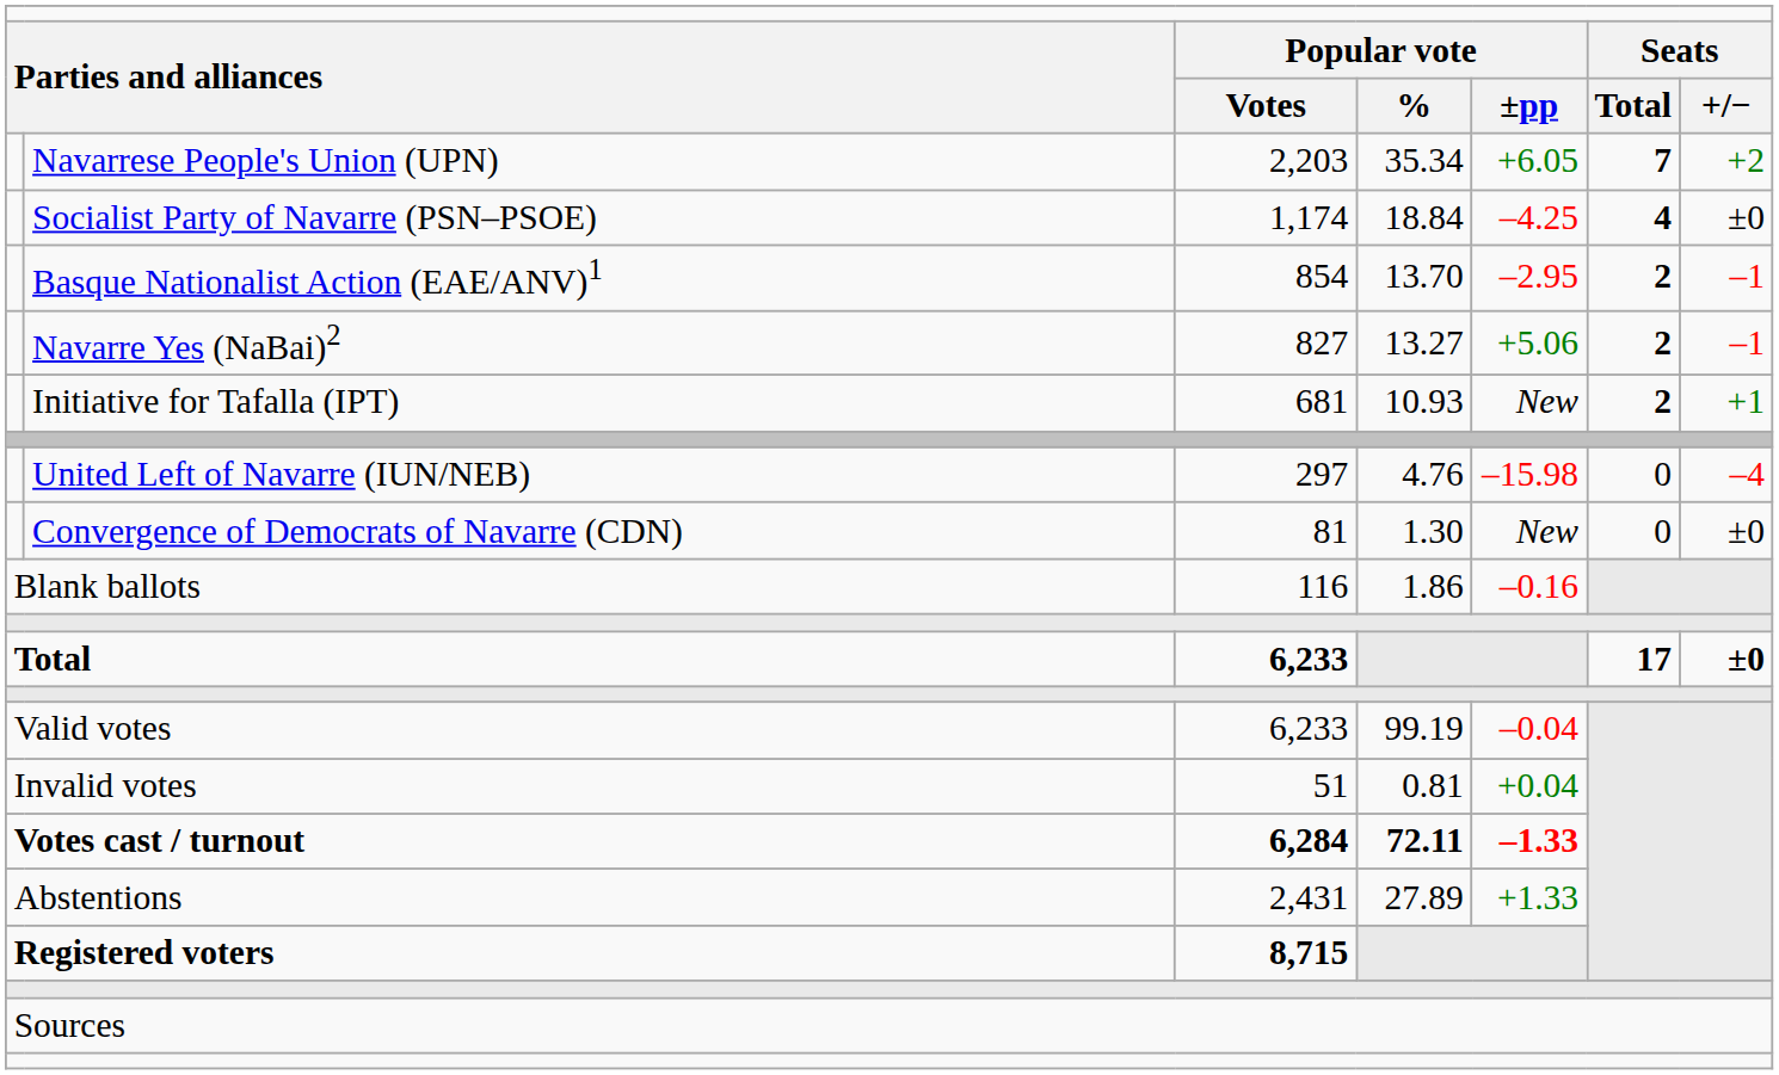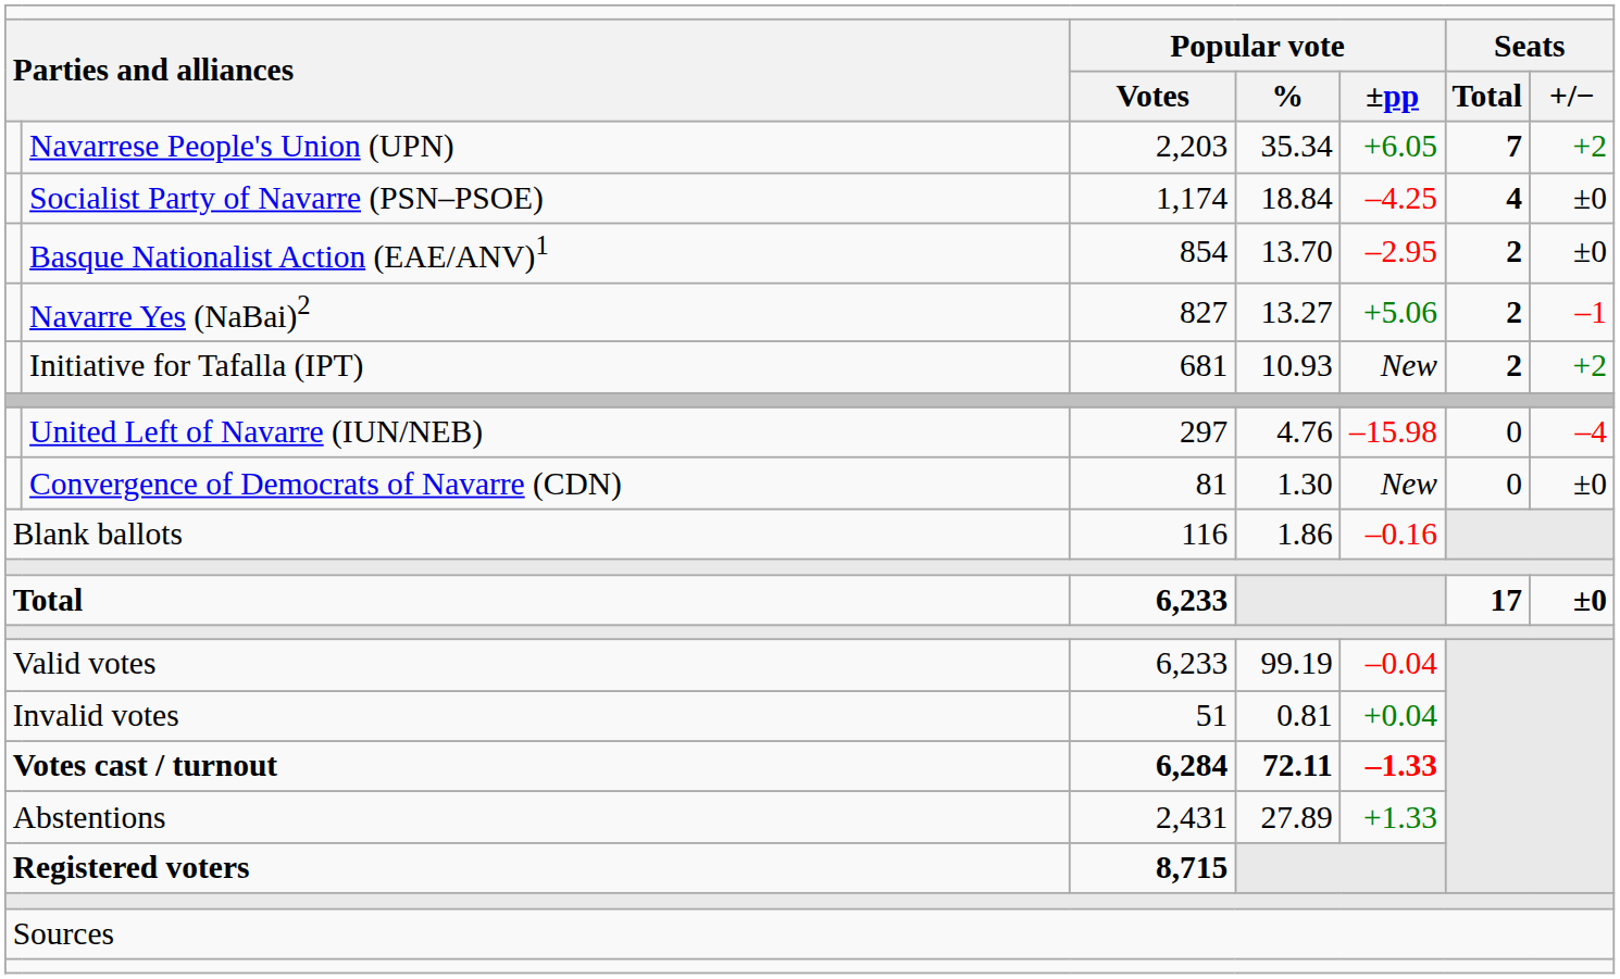 <table class="wikitable" style="text-align:right;">
 <tr>
 <td colspan="7"></td>
 </tr>
 <tr>
 <th style="text-align:left;" rowspan="2" colspan="2" width="525">Parties and alliances</th>
 <th colspan="3">Popular vote</th>
 <th colspan="2">Seats</th>
 </tr>
 <tr>
 <th width="75">Votes</th>
 <th width="45">%</th>
 <th width="45">±<a href='#'>pp</a></th>
 <th width="35">Total</th>
 <th width="35">+/−</th>
 </tr>
 <tr>
 <td width="1" style="color:inherit;background:"></td>
 <td align="left"><a href='#'>Navarrese People's Union</a> (UPN)</td>
 <td>2,203</td>
 <td>35.34</td>
 <td style="color:green;">+6.05</td>
 <td><strong>7</strong></td>
 <td style="color:green;">+2</td>
 </tr>
 <tr>
 <td style="color:inherit;background:"></td>
 <td align="left"><a href='#'>Socialist Party of Navarre</a> (PSN–PSOE)</td>
 <td>1,174</td>
 <td>18.84</td>
 <td style="color:red;">–4.25</td>
 <td><strong>4</strong></td>
 <td>±0</td>
 </tr>
 <tr>
 <td style="color:inherit;background:"></td>
 <td align="left"><a href='#'>Basque Nationalist Action</a> (EAE/ANV)<sup>1</sup></td>
 <td>854</td>
 <td>13.70</td>
 <td style="color:red;">–2.95</td>
 <td><strong>2</strong></td>
-<td style="color:red;">–1</td>
+<td>±0</td>
 </tr>
 <tr>
 <td style="color:inherit;background:"></td>
 <td align="left"><a href='#'>Navarre Yes</a> (NaBai)<sup>2</sup></td>
 <td>827</td>
 <td>13.27</td>
 <td style="color:green;">+5.06</td>
 <td><strong>2</strong></td>
 <td style="color:red;">–1</td>
 </tr>
 <tr>
 <td style="color:inherit;background:"></td>
 <td align="left">Initiative for Tafalla (IPT)</td>
 <td>681</td>
 <td>10.93</td>
 <td><em>New</em></td>
 <td><strong>2</strong></td>
-<td style="color:green;">+1</td>
+<td style="color:green;">+2</td>
 </tr>
 <tr>
 <td colspan="7" bgcolor="#C0C0C0"></td>
 </tr>
 <tr>
 <td style="color:inherit;background:"></td>
 <td align="left"><a href='#'>United Left of Navarre</a> (IUN/NEB)</td>
 <td>297</td>
 <td>4.76</td>
 <td style="color:red;">–15.98</td>
 <td>0</td>
 <td style="color:red;">–4</td>
 </tr>
 <tr>
 <td style="color:inherit;background:"></td>
 <td align="left"><a href='#'>Convergence of Democrats of Navarre</a> (CDN)</td>
 <td>81</td>
 <td>1.30</td>
 <td><em>New</em></td>
 <td>0</td>
 <td>±0</td>
 </tr>
 <tr>
 <td align="left" colspan="2">Blank ballots</td>
 <td>116</td>
 <td>1.86</td>
 <td style="color:red;">–0.16</td>
 <td bgcolor="#E9E9E9" colspan="2"></td>
 </tr>
 <tr>
 <td colspan="7" bgcolor="#E9E9E9"></td>
 </tr>
 <tr style="font-weight:bold;">
 <td align="left" colspan="2">Total</td>
 <td>6,233</td>
 <td bgcolor="#E9E9E9" colspan="2"></td>
 <td>17</td>
 <td>±0</td>
 </tr>
 <tr>
 <td colspan="7" bgcolor="#E9E9E9"></td>
 </tr>
 <tr>
 <td align="left" colspan="2">Valid votes</td>
 <td>6,233</td>
 <td>99.19</td>
 <td style="color:red;">–0.04</td>
 <td bgcolor="#E9E9E9" colspan="2" rowspan="5"></td>
 </tr>
 <tr>
 <td align="left" colspan="2">Invalid votes</td>
 <td>51</td>
 <td>0.81</td>
 <td style="color:green;">+0.04</td>
 </tr>
 <tr style="font-weight:bold;">
 <td align="left" colspan="2">Votes cast / turnout</td>
 <td>6,284</td>
 <td>72.11</td>
 <td style="color:red;">–1.33</td>
 </tr>
 <tr>
 <td align="left" colspan="2">Abstentions</td>
 <td>2,431</td>
 <td>27.89</td>
 <td style="color:green;">+1.33</td>
 </tr>
 <tr style="font-weight:bold;">
 <td align="left" colspan="2">Registered voters</td>
 <td>8,715</td>
 <td bgcolor="#E9E9E9" colspan="2"></td>
 </tr>
 <tr>
 <td colspan="7" bgcolor="#E9E9E9"></td>
 </tr>
 <tr>
 <td align="left" colspan="7">Sources</td>
 </tr>
 <tr>
 <td colspan="7" style="text-align:left; max-width:790px;"></td>
 </tr>
 </table>
